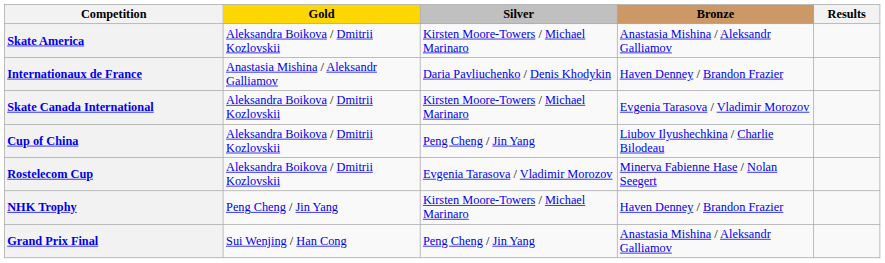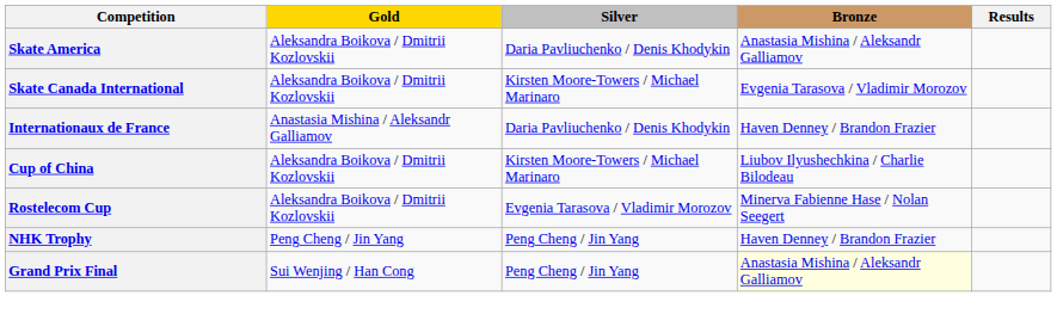 <table class="wikitable unsortable" style="text-align:left; width:90%;">
 <tr>
 <th scope="col" style="text-align:center; width:25%;">Competition</th>
 <td scope="col" style="text-align:center; width:22.5%; background:gold"><strong>Gold</strong></td>
 <td scope="col" style="text-align:center; width:22.5%; background:silver"><strong>Silver</strong></td>
 <td scope="col" style="text-align:center; width:22.5%; background:#c96"><strong>Bronze</strong></td>
 <th scope="col" style="text-align:center; width:7.5%;">Results</th>
 </tr>
 <tr>
 <th scope="row" style="text-align:left"> <a href='#'>Skate America</a></th>
 <td> <a href='#'>Aleksandra Boikova</a> / <a href='#'>Dmitrii Kozlovskii</a></td>
+<td> <a href='#'>Daria Pavliuchenko</a> / <a href='#'>Denis Khodykin</a></td>
+<td> <a href='#'>Anastasia Mishina</a> / <a href='#'>Aleksandr Galliamov</a></td>
+<td></td>
+</tr>
+<tr>
+<th scope="row" style="text-align:left"> <a href='#'>Skate Canada International</a></th>
+<td> <a href='#'>Aleksandra Boikova</a> / <a href='#'>Dmitrii Kozlovskii</a></td>
 <td> <a href='#'>Kirsten Moore-Towers</a> / <a href='#'>Michael Marinaro</a></td>
-<td> <a href='#'>Anastasia Mishina</a> / <a href='#'>Aleksandr Galliamov</a></td>
+<td> <a href='#'>Evgenia Tarasova</a> / <a href='#'>Vladimir Morozov</a></td>
 <td></td>
 </tr>
 <tr>
 <th scope="row" style="text-align:left"> <a href='#'>Internationaux de France</a></th>
 <td> <a href='#'>Anastasia Mishina</a> / <a href='#'>Aleksandr Galliamov</a></td>
 <td> <a href='#'>Daria Pavliuchenko</a> / <a href='#'>Denis Khodykin</a></td>
 <td> <a href='#'>Haven Denney</a> / <a href='#'>Brandon Frazier</a></td>
 <td></td>
 </tr>
 <tr>
-<th scope="row" style="text-align:left"> <a href='#'>Skate Canada International</a></th>
+<th scope="row" style="text-align:left"> <a href='#'>Cup of China</a></th>
 <td> <a href='#'>Aleksandra Boikova</a> / <a href='#'>Dmitrii Kozlovskii</a></td>
 <td> <a href='#'>Kirsten Moore-Towers</a> / <a href='#'>Michael Marinaro</a></td>
-<td> <a href='#'>Evgenia Tarasova</a> / <a href='#'>Vladimir Morozov</a></td>
-<td></td>
-</tr>
-<tr>
-<th scope="row" style="text-align:left"> <a href='#'>Cup of China</a></th>
-<td> <a href='#'>Aleksandra Boikova</a> / <a href='#'>Dmitrii Kozlovskii</a></td>
-<td> <a href='#'>Peng Cheng</a> / <a href='#'>Jin Yang</a></td>
 <td> <a href='#'>Liubov Ilyushechkina</a> / <a href='#'>Charlie Bilodeau</a></td>
 <td></td>
 </tr>
 <tr>
 <th scope="row" style="text-align:left"> <a href='#'>Rostelecom Cup</a></th>
 <td> <a href='#'>Aleksandra Boikova</a> / <a href='#'>Dmitrii Kozlovskii</a></td>
 <td> <a href='#'>Evgenia Tarasova</a> / <a href='#'>Vladimir Morozov</a></td>
 <td> <a href='#'>Minerva Fabienne Hase</a> / <a href='#'>Nolan Seegert</a></td>
 <td></td>
 </tr>
 <tr>
 <th scope="row" style="text-align:left"> <a href='#'>NHK Trophy</a></th>
 <td> <a href='#'>Peng Cheng</a> / <a href='#'>Jin Yang</a></td>
-<td> <a href='#'>Kirsten Moore-Towers</a> / <a href='#'>Michael Marinaro</a></td>
+<td> <a href='#'>Peng Cheng</a> / <a href='#'>Jin Yang</a></td>
 <td> <a href='#'>Haven Denney</a> / <a href='#'>Brandon Frazier</a></td>
 <td></td>
 </tr>
 <tr>
 <th scope="row" style="text-align:left"> <a href='#'>Grand Prix Final</a></th>
 <td> <a href='#'>Sui Wenjing</a> / <a href='#'>Han Cong</a></td>
 <td> <a href='#'>Peng Cheng</a> / <a href='#'>Jin Yang</a></td>
-<td> <a href='#'>Anastasia Mishina</a> / <a href='#'>Aleksandr Galliamov</a></td>
+<td style="background: lightyellow;"> <a href='#'>Anastasia Mishina</a> / <a href='#'>Aleksandr Galliamov</a></td>
 <td></td>
 </tr>
 </table>
